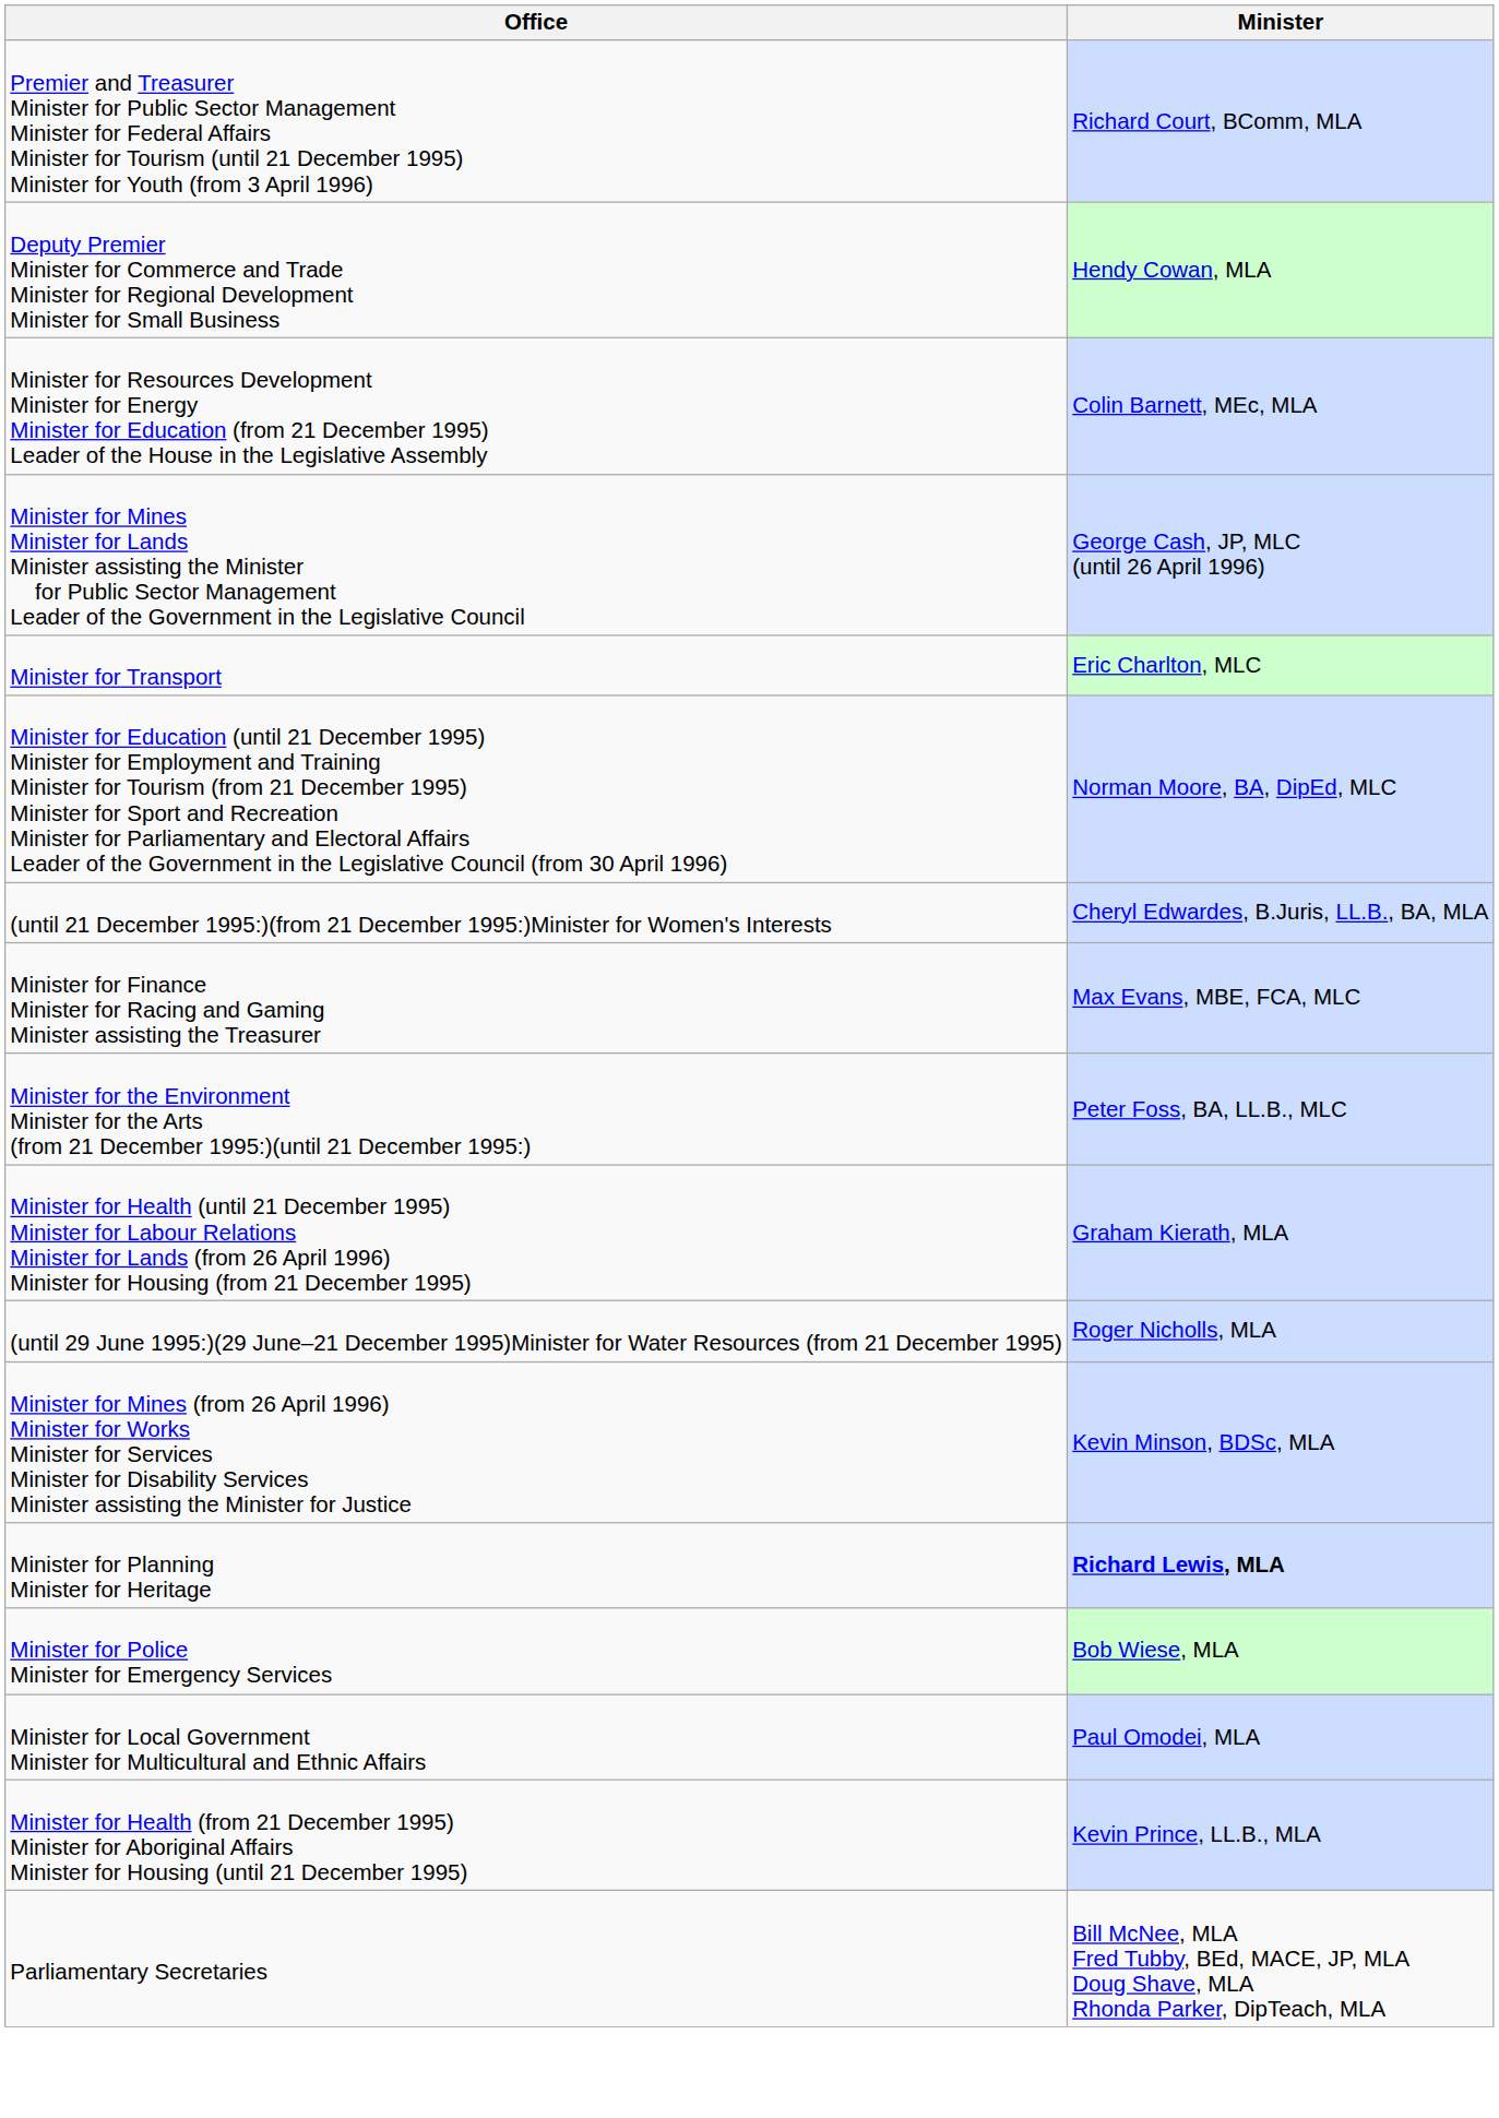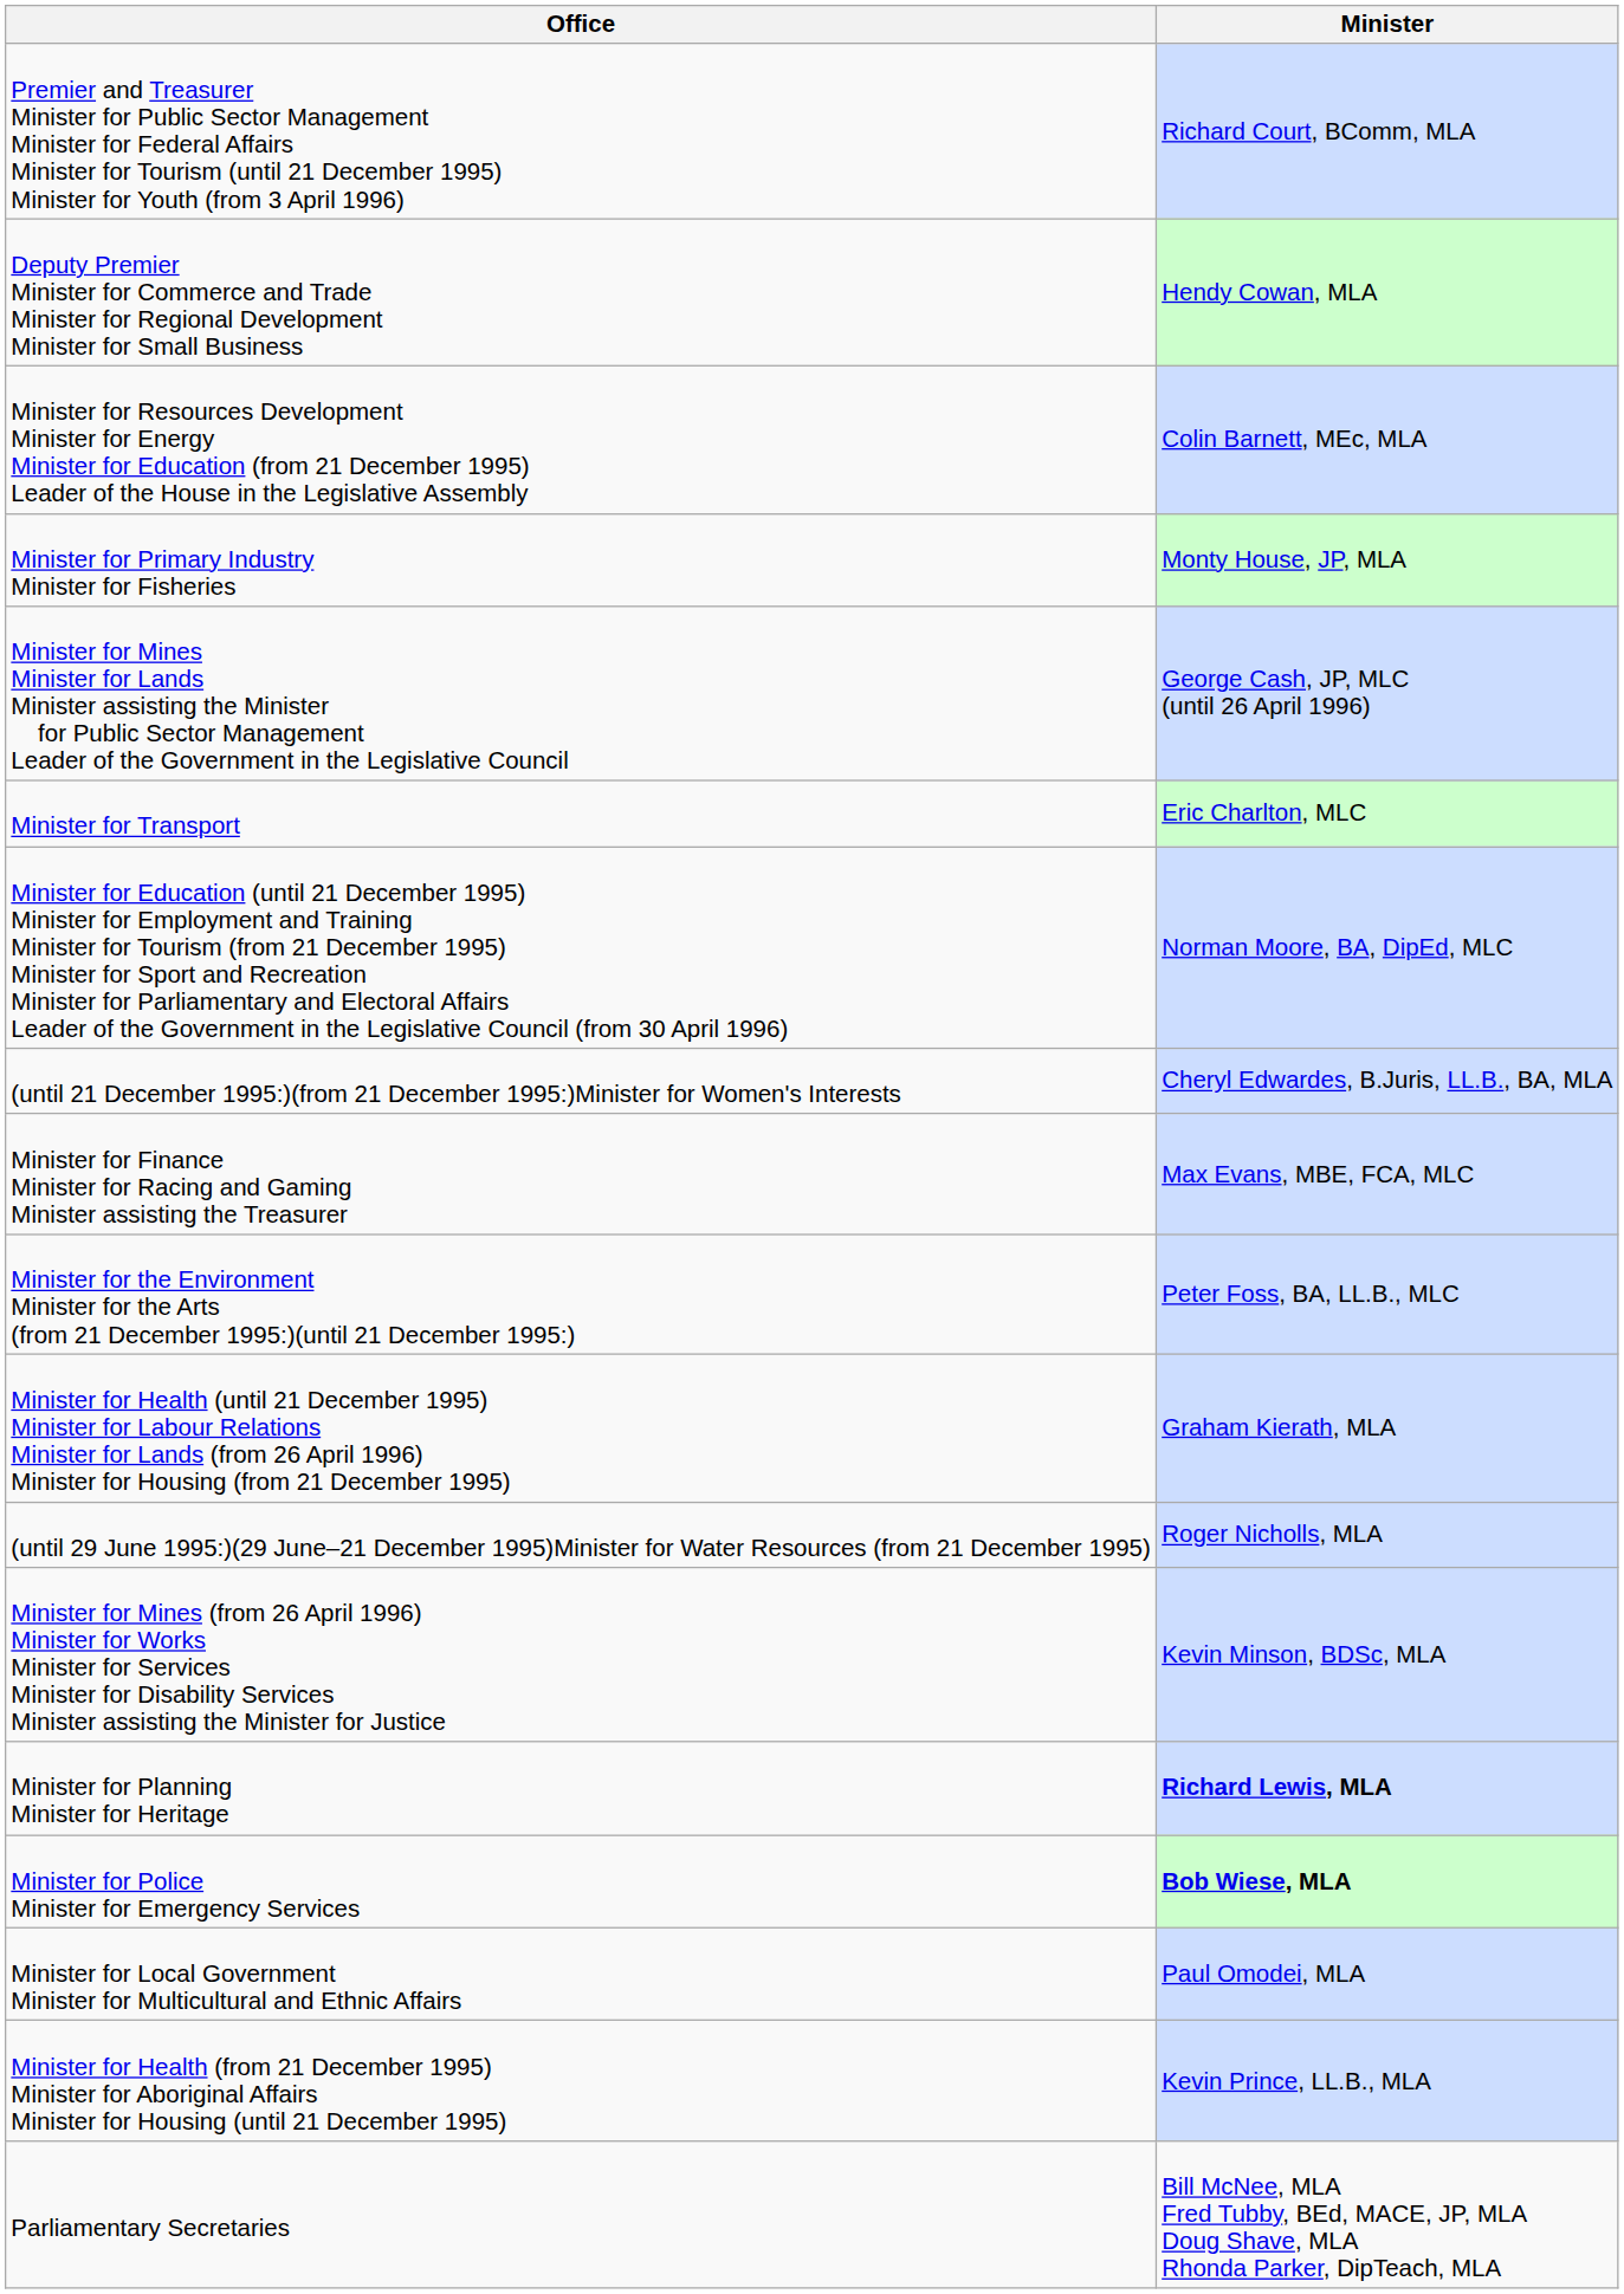 <table class="wikitable">
 <tr>
 <th>Office</th>
 <th>Minister</th>
 </tr>
 <tr>
 <td><br><a href='#'>Premier</a> and <a href='#'>Treasurer</a><br> Minister for Public Sector Management<br> Minister for Federal Affairs<br> Minister for Tourism (until 21 December 1995)<br> Minister for Youth (from 3 April 1996)</td>
 <td style="background:#CCDDFF"><a href='#'>Richard Court</a>, BComm, MLA</td>
 </tr>
 <tr>
 <td><br><a href='#'>Deputy Premier</a><br> Minister for Commerce and Trade<br> Minister for Regional Development<br> Minister for Small Business</td>
 <td style="background:#CCFFCC"><a href='#'>Hendy Cowan</a>, MLA</td>
 </tr>
 <tr>
 <td><br>Minister for Resources Development<br> Minister for Energy<br> <a href='#'>Minister for Education</a> (from 21 December 1995)<br> Leader of the House in the Legislative Assembly</td>
 <td style="background:#CCDDFF"><a href='#'>Colin Barnett</a>, MEc, MLA</td>
+</tr>
+<tr>
+<td><br><a href='#'>Minister for Primary Industry</a><br> Minister for Fisheries</td>
+<td style="background:#CCFFCC"><a href='#'>Monty House</a>, <a href='#'>JP</a>, MLA</td>
 </tr>
 <tr>
 <td><br><a href='#'>Minister for Mines</a><br> <a href='#'>Minister for Lands</a><br> Minister assisting the Minister<br>    for Public Sector Management<br> Leader of the Government in the Legislative Council</td>
 <td style="background:#CCDDFF"><a href='#'>George Cash</a>, JP, MLC<br>(until 26 April 1996)</td>
 </tr>
 <tr>
 <td><br><a href='#'>Minister for Transport</a><br></td>
 <td style="background:#CCFFCC"><a href='#'>Eric Charlton</a>, MLC</td>
 </tr>
 <tr>
 <td><br><a href='#'>Minister for Education</a> (until 21 December 1995)<br> Minister for Employment and Training<br> Minister for Tourism (from 21 December 1995)<br> Minister for Sport and Recreation<br> Minister for Parliamentary and Electoral Affairs<br> Leader of the Government in the Legislative Council (from 30 April 1996)</td>
 <td style="background:#CCDDFF"><a href='#'>Norman Moore</a>, <a href='#'>BA</a>, <a href='#'>DipEd</a>, MLC</td>
 </tr>
 <tr>
 <td><br>(until 21 December 1995:)(from 21 December 1995:)Minister for Women's Interests</td>
 <td style="background:#CCDDFF"><a href='#'>Cheryl Edwardes</a>, B.Juris, <a href='#'>LL.B.</a>, BA, MLA</td>
 </tr>
 <tr>
 <td><br>Minister for Finance<br> Minister for Racing and Gaming<br> Minister assisting the Treasurer</td>
 <td style="background:#CCDDFF"><a href='#'>Max Evans</a>, MBE, FCA, MLC</td>
 </tr>
 <tr>
 <td><br><a href='#'>Minister for the Environment</a><br> Minister for the Arts<br>(from 21 December 1995:)(until 21 December 1995:)</td>
 <td style="background:#CCDDFF"><a href='#'>Peter Foss</a>, BA, LL.B., MLC</td>
 </tr>
 <tr>
 <td><br><a href='#'>Minister for Health</a> (until 21 December 1995)<br> <a href='#'>Minister for Labour Relations</a><br> <a href='#'>Minister for Lands</a> (from 26 April 1996)<br> Minister for Housing (from 21 December 1995)</td>
 <td style="background:#CCDDFF"><a href='#'>Graham Kierath</a>, MLA</td>
 </tr>
 <tr>
 <td><br>(until 29 June 1995:)(29 June–21 December 1995)Minister for Water Resources (from 21 December 1995)</td>
 <td style="background:#CCDDFF"><a href='#'>Roger Nicholls</a>, MLA</td>
 </tr>
 <tr>
 <td><br><a href='#'>Minister for Mines</a> (from 26 April 1996)<br> <a href='#'>Minister for Works</a><br> Minister for Services<br> Minister for Disability Services<br> Minister assisting the Minister for Justice</td>
 <td style="background:#CCDDFF"><a href='#'>Kevin Minson</a>, <a href='#'>BDSc</a>, MLA</td>
 </tr>
 <tr>
 <td><br>Minister for Planning<br> Minister for Heritage<br></td>
 <td style="background:#CCDDFF"><strong><a href='#'>Richard Lewis</a>, MLA</strong></td>
 </tr>
 <tr>
 <td><br><a href='#'>Minister for Police</a><br> Minister for Emergency Services<br></td>
-<td style="background:#CCFFCC"><a href='#'>Bob Wiese</a>, MLA</td>
+<td style="background:#CCFFCC"><strong><a href='#'>Bob Wiese</a>, MLA</strong></td>
 </tr>
 <tr>
 <td><br>Minister for Local Government<br> Minister for Multicultural and Ethnic Affairs<br></td>
 <td style="background:#CCDDFF"><a href='#'>Paul Omodei</a>, MLA</td>
 </tr>
 <tr>
 <td><br><a href='#'>Minister for Health</a> (from 21 December 1995)<br> Minister for Aboriginal Affairs<br> Minister for Housing (until 21 December 1995)</td>
 <td style="background:#CCDDFF"><a href='#'>Kevin Prince</a>, LL.B., MLA</td>
 </tr>
 <tr>
 <td><br>Parliamentary Secretaries</td>
 <td><br><span><a href='#'>Bill McNee</a>, MLA<br> <a href='#'>Fred Tubby</a>, BEd, MACE, JP, MLA<br> <a href='#'>Doug Shave</a>, MLA<br> <a href='#'>Rhonda Parker</a>, DipTeach, MLA</span></td>
 </tr>
 </table>
